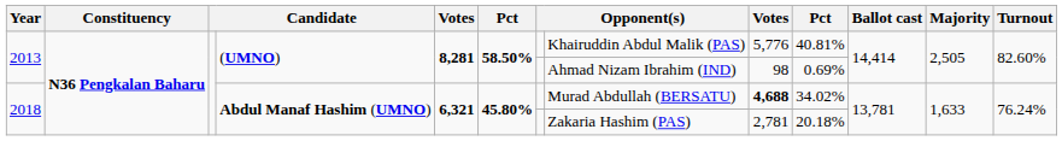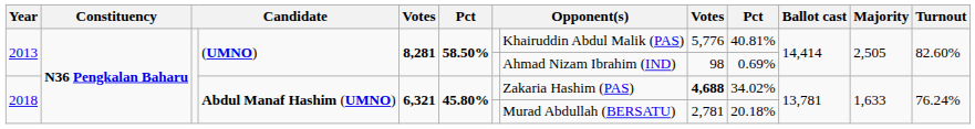 <table class="wikitable" style="margin:0.5em ; font-size:95%">
 <tr>
 <th>Year</th>
 <th>Constituency</th>
 <th colspan=2>Candidate</th>
 <th>Votes</th>
 <th>Pct</th>
 <th colspan=2>Opponent(s)</th>
 <th>Votes</th>
 <th>Pct</th>
 <th>Ballot cast</th>
 <th>Majority</th>
 <th>Turnout</th>
 </tr>
 <tr>
 <td rowspan="2"><a href='#'>2013</a></td>
 <td rowspan="4"><strong>N36 <a href='#'>Pengkalan Baharu</a></strong></td>
 <td rowspan="4" ></td>
 <td rowspan="2"> (<a href='#'><strong>UMNO</strong></a>)</td>
 <td rowspan="2" style="text-align:right;"><strong>8,281</strong></td>
 <td rowspan="2"><strong>58.50%</strong></td>
 <td></td>
 <td>Khairuddin Abdul Malik (<a href='#'>PAS</a>)</td>
 <td style="text-align:right;">5,776</td>
 <td>40.81%</td>
 <td rowspan="2">14,414</td>
 <td rowspan="2">2,505</td>
 <td rowspan="2">82.60%</td>
 </tr>
 <tr>
 <td></td>
 <td>Ahmad Nizam Ibrahim (<a href='#'>IND</a>)</td>
 <td style="text-align:right;">98</td>
 <td style="text-align:right;">0.69%</td>
 </tr>
 <tr>
 <td rowspan="2"><a href='#'>2018</a></td>
 <td rowspan="2"><strong>Abdul Manaf Hashim</strong> (<a href='#'><strong>UMNO</strong></a>)</td>
 <td rowspan="2" style="text-align:right;"><strong>6,321</strong></td>
 <td rowspan="2"><strong>45.80%</strong></td>
 <td></td>
-<td>Murad Abdullah (<a href='#'>BERSATU</a>)</td>
+<td>Zakaria Hashim (<a href='#'>PAS</a>)</td>
 <td style="text-align:right;"><strong>4,688</strong></td>
 <td>34.02%</td>
 <td rowspan="2">13,781</td>
 <td rowspan="2">1,633</td>
 <td rowspan="2">76.24%</td>
 </tr>
 <tr>
 <td></td>
-<td>Zakaria Hashim (<a href='#'>PAS</a>)</td>
+<td>Murad Abdullah (<a href='#'>BERSATU</a>)</td>
 <td style="text-align:right;">2,781</td>
 <td>20.18%</td>
 </tr>
 </table>
